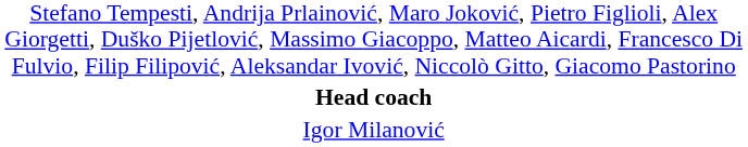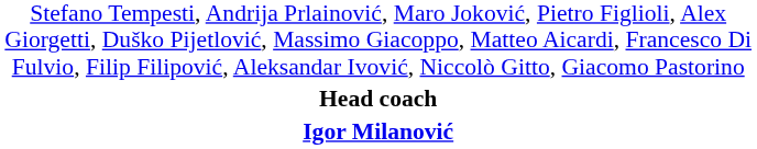 <table style="width:32em; text-align: center; margin-top: 2em; margin-left: auto; margin-right: auto">
 <tr>
 <td><a href='#'>Stefano Tempesti</a>, <a href='#'>Andrija Prlainović</a>, <a href='#'>Maro Joković</a>, <a href='#'>Pietro Figlioli</a>, <a href='#'>Alex Giorgetti</a>, <a href='#'>Duško Pijetlović</a>, <a href='#'>Massimo Giacoppo</a>, <a href='#'>Matteo Aicardi</a>, <a href='#'>Francesco Di Fulvio</a>, <a href='#'>Filip Filipović</a>, <a href='#'>Aleksandar Ivović</a>, <a href='#'>Niccolò Gitto</a>, <a href='#'>Giacomo Pastorino</a></td>
 </tr>
 <tr>
 <td><strong>Head coach</strong></td>
 </tr>
 <tr>
-<td><a href='#'>Igor Milanović</a></td>
+<td><strong><a href='#'>Igor Milanović</a></strong></td>
 </tr>
 </table>
